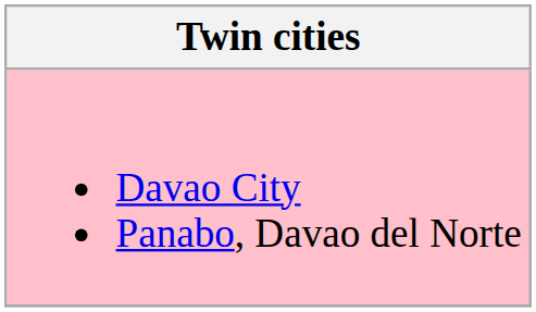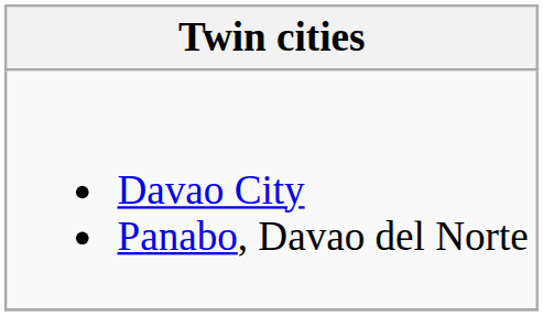 <table class="wikitable">
 <tr>
 <th>Twin cities</th>
 </tr>
 <tr valign="top">
-<td style="background: pink; vertical-align:top; width:110%;"><br><ul><li><a href='#'>Davao City</a></li><li><a href='#'>Panabo</a>, Davao del Norte</li></ul></td>
+<td style="vertical-align:top; width:110%;"><br><ul><li><a href='#'>Davao City</a></li><li><a href='#'>Panabo</a>, Davao del Norte</li></ul></td>
 </tr>
 <tr>
 </tr>
 </table>
